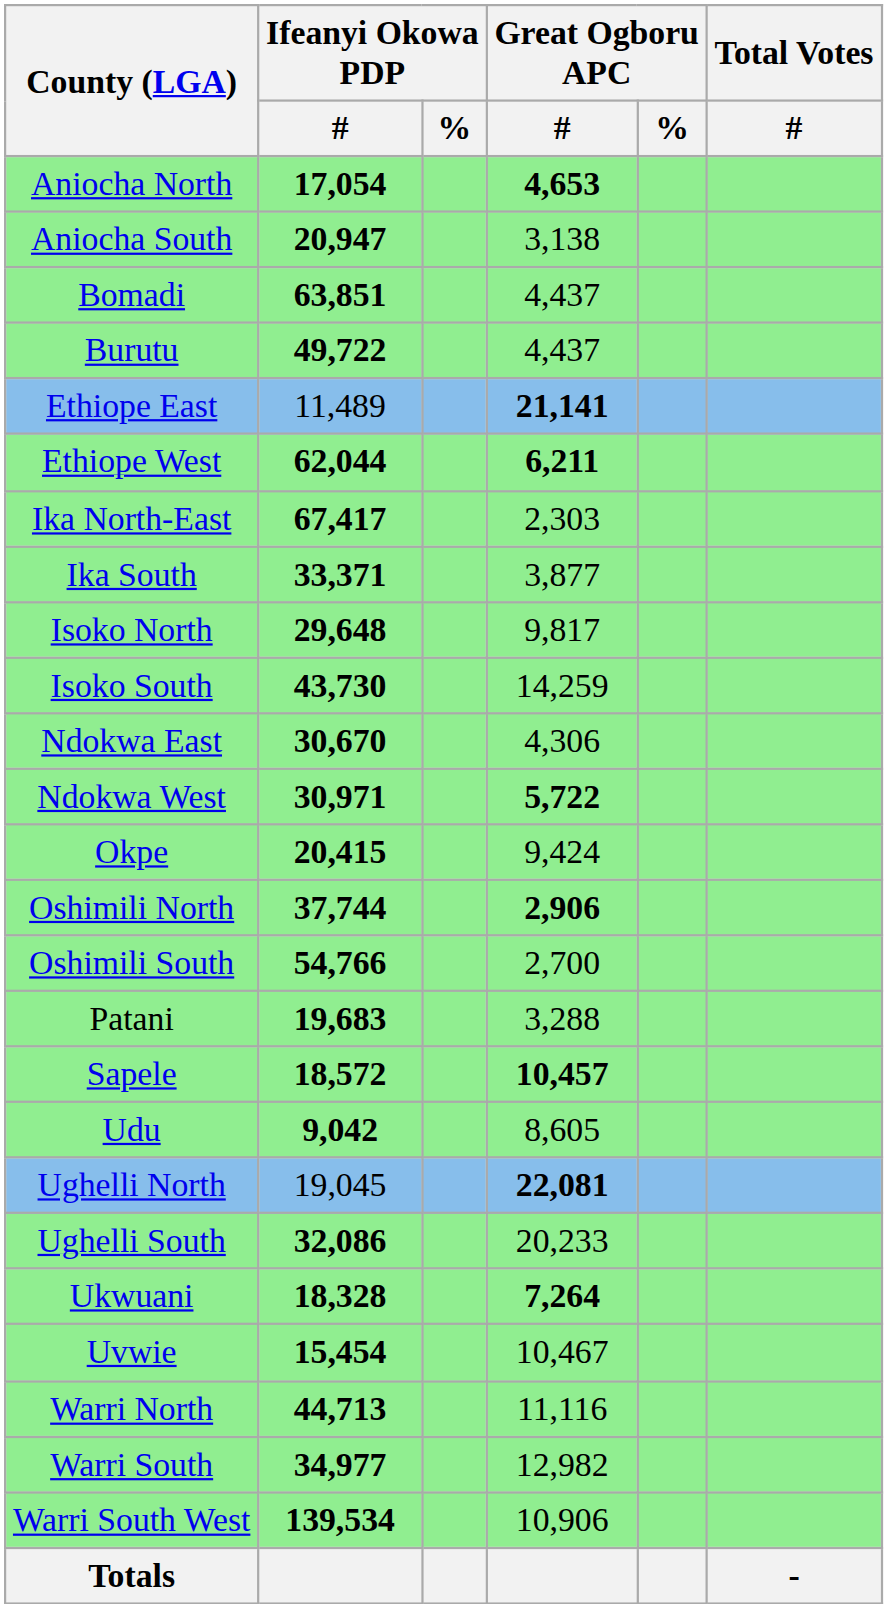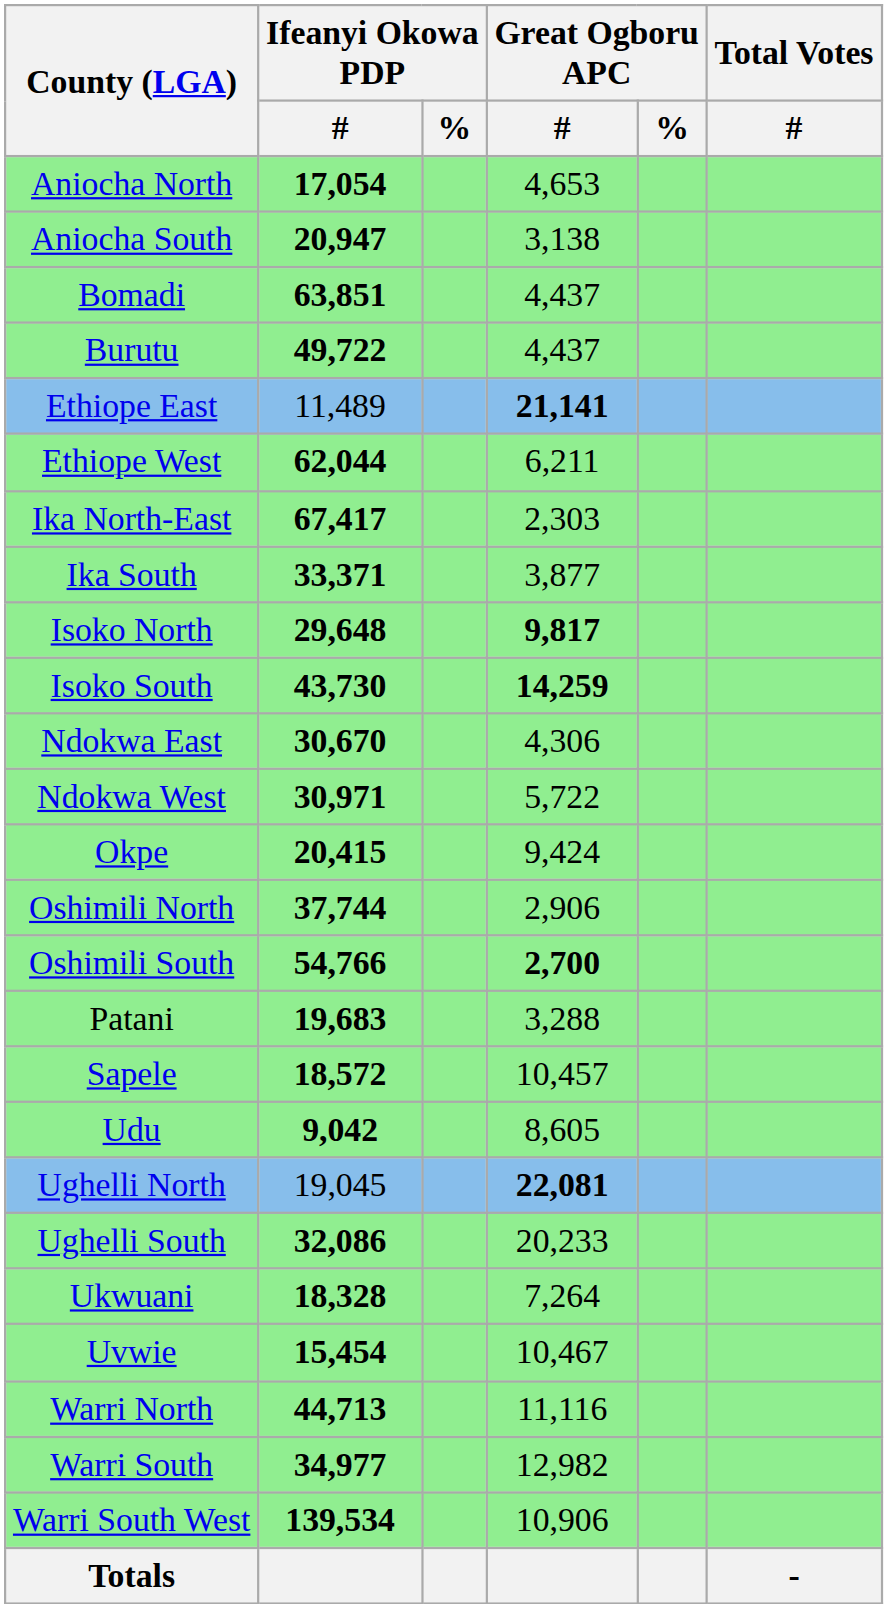 <table class="wikitable sortable" style=" font-size: 95%">
 <tr>
 <th rowspan="2">County (<a href='#'>LGA</a>)</th>
 <th colspan="2">Ifeanyi Okowa<br>PDP</th>
 <th colspan="2">Great Ogboru<br>APC</th>
 <th>Total Votes</th>
 </tr>
 <tr>
 <th>#</th>
 <th>%</th>
 <th>#</th>
 <th>%</th>
 <th>#</th>
 </tr>
 <tr>
 <td bgcolor=#90EE90 align="center"><a href='#'>Aniocha North</a></td>
 <td bgcolor=#90EE90 align="center"><strong>17,054</strong></td>
 <td bgcolor=#90EE90 align="center"></td>
-<td bgcolor=#90EE90 align="center"><strong>4,653</strong></td>
+<td bgcolor=#90EE90 align="center">4,653</td>
 <td bgcolor=#90EE90 align="center"></td>
 <td bgcolor=#90EE90 align="center"></td>
 </tr>
 <tr>
 <td bgcolor=#90EE90 align="center"><a href='#'>Aniocha South</a></td>
 <td bgcolor=#90EE90 align="center"><strong>20,947</strong></td>
 <td bgcolor=#90EE90 align="center"></td>
 <td bgcolor=#90EE90 align="center">3,138</td>
 <td bgcolor=#90EE90 align="center"></td>
 <td bgcolor=#90EE90 align="center"></td>
 </tr>
 <tr>
 <td bgcolor=#90EE90 align="center"><a href='#'>Bomadi</a></td>
 <td bgcolor=#90EE90 align="center"><strong>63,851</strong></td>
 <td bgcolor=#90EE90 align="center"></td>
 <td bgcolor=#90EE90 align="center">4,437</td>
 <td bgcolor=#90EE90 align="center"></td>
 <td bgcolor=#90EE90 align="center"></td>
 </tr>
 <tr>
 <td bgcolor=#90EE90 align="center"><a href='#'>Burutu</a></td>
 <td bgcolor=#90EE90 align="center"><strong>49,722</strong></td>
 <td bgcolor=#90EE90 align="center"></td>
 <td bgcolor=#90EE90 align="center">4,437</td>
 <td bgcolor=#90EE90 align="center"></td>
 <td bgcolor=#90EE90 align="center"></td>
 </tr>
 <tr>
 <td bgcolor=#87BEEB align="center"><a href='#'>Ethiope East</a></td>
 <td bgcolor=#87BEEB align="center">11,489</td>
 <td bgcolor=#87BEEB align="center"></td>
 <td bgcolor=#87BEEB align="center"><strong>21,141</strong></td>
 <td bgcolor=#87BEEB align="center"></td>
 <td bgcolor=#87BEEB align="center"></td>
 </tr>
 <tr>
 <td bgcolor=#90EE90 align="center"><a href='#'>Ethiope West</a></td>
 <td bgcolor=#90EE90 align="center"><strong>62,044</strong></td>
 <td bgcolor=#90EE90 align="center"></td>
-<td bgcolor=#90EE90 align="center"><strong>6,211</strong></td>
+<td bgcolor=#90EE90 align="center">6,211</td>
 <td bgcolor=#90EE90 align="center"></td>
 <td bgcolor=#90EE90 align="center"></td>
 </tr>
 <tr>
 <td bgcolor=#90EE90 align="center"><a href='#'>Ika North-East</a></td>
 <td bgcolor=#90EE90 align="center"><strong>67,417</strong></td>
 <td bgcolor=#90EE90 align="center"></td>
 <td bgcolor=#90EE90 align="center">2,303</td>
 <td bgcolor=#90EE90 align="center"></td>
 <td bgcolor=#90EE90 align="center"></td>
 </tr>
 <tr>
 <td bgcolor=#90EE90 align="center"><a href='#'>Ika South</a></td>
 <td bgcolor=#90EE90 align="center"><strong>33,371</strong></td>
 <td bgcolor=#90EE90 align="center"></td>
 <td bgcolor=#90EE90 align="center">3,877</td>
 <td bgcolor=#90EE90 align="center"></td>
 <td bgcolor=#90EE90 align="center"></td>
 </tr>
 <tr>
 <td bgcolor=#90EE90 align="center"><a href='#'>Isoko North</a></td>
 <td bgcolor=#90EE90 align="center"><strong>29,648</strong></td>
 <td bgcolor=#90EE90 align="center"></td>
-<td bgcolor=#90EE90 align="center">9,817</td>
+<td bgcolor=#90EE90 align="center"><strong>9,817</strong></td>
 <td bgcolor=#90EE90 align="center"></td>
 <td bgcolor=#90EE90 align="center"></td>
 </tr>
 <tr>
 <td bgcolor=#90EE90 align="center"><a href='#'>Isoko South</a></td>
 <td bgcolor=#90EE90 align="center"><strong>43,730</strong></td>
 <td bgcolor=#90EE90 align="center"></td>
-<td bgcolor=#90EE90 align="center">14,259</td>
+<td bgcolor=#90EE90 align="center"><strong>14,259</strong></td>
 <td bgcolor=#90EE90 align="center"></td>
 <td bgcolor=#90EE90 align="center"></td>
 </tr>
 <tr>
 <td bgcolor=#90EE90 align="center"><a href='#'>Ndokwa East</a></td>
 <td bgcolor=#90EE90 align="center"><strong>30,670</strong></td>
 <td bgcolor=#90EE90 align="center"></td>
 <td bgcolor=#90EE90 align="center">4,306</td>
 <td bgcolor=#90EE90 align="center"></td>
 <td bgcolor=#90EE90 align="center"></td>
 </tr>
 <tr>
 <td bgcolor=#90EE90 align="center"><a href='#'>Ndokwa West</a></td>
 <td bgcolor=#90EE90 align="center"><strong>30,971</strong></td>
 <td bgcolor=#90EE90 align="center"></td>
-<td bgcolor=#90EE90 align="center"><strong>5,722</strong></td>
+<td bgcolor=#90EE90 align="center">5,722</td>
 <td bgcolor=#90EE90 align="center"></td>
 <td bgcolor=#90EE90 align="center"></td>
 </tr>
 <tr>
 <td bgcolor=#90EE90 align="center"><a href='#'>Okpe</a></td>
 <td bgcolor=#90EE90 align="center"><strong>20,415</strong></td>
 <td bgcolor=#90EE90 align="center"></td>
 <td bgcolor=#90EE90 align="center">9,424</td>
 <td bgcolor=#90EE90 align="center"></td>
 <td bgcolor=#90EE90 align="center"></td>
 </tr>
 <tr>
 <td bgcolor=#90EE90 align="center"><a href='#'>Oshimili North</a></td>
 <td bgcolor=#90EE90 align="center"><strong>37,744</strong></td>
 <td bgcolor=#90EE90 align="center"></td>
-<td bgcolor=#90EE90 align="center"><strong>2,906</strong></td>
+<td bgcolor=#90EE90 align="center">2,906</td>
 <td bgcolor=#90EE90 align="center"></td>
 <td bgcolor=#90EE90 align="center"></td>
 </tr>
 <tr>
 <td bgcolor=#90EE90 align="center"><a href='#'>Oshimili South</a></td>
 <td bgcolor=#90EE90 align="center"><strong>54,766</strong></td>
 <td bgcolor=#90EE90 align="center"></td>
-<td bgcolor=#90EE90 align="center">2,700</td>
+<td bgcolor=#90EE90 align="center"><strong>2,700</strong></td>
 <td bgcolor=#90EE90 align="center"></td>
 <td bgcolor=#90EE90 align="center"></td>
 </tr>
 <tr>
 <td bgcolor=#90EE90 align="center">Patani</td>
 <td bgcolor=#90EE90 align="center"><strong>19,683</strong></td>
 <td bgcolor=#90EE90 align="center"></td>
 <td bgcolor=#90EE90 align="center">3,288</td>
 <td bgcolor=#90EE90 align="center"></td>
 <td bgcolor=#90EE90 align="center"></td>
 </tr>
 <tr>
 <td bgcolor=#90EE90 align="center"><a href='#'>Sapele</a></td>
 <td bgcolor=#90EE90 align="center"><strong>18,572</strong></td>
 <td bgcolor=#90EE90 align="center"></td>
-<td bgcolor=#90EE90 align="center"><strong>10,457</strong></td>
+<td bgcolor=#90EE90 align="center">10,457</td>
 <td bgcolor=#90EE90 align="center"></td>
 <td bgcolor=#90EE90 align="center"></td>
 </tr>
 <tr>
 <td bgcolor=#90EE90 align="center"><a href='#'>Udu</a></td>
 <td bgcolor=#90EE90 align="center"><strong>9,042</strong></td>
 <td bgcolor=#90EE90 align="center"></td>
 <td bgcolor=#90EE90 align="center">8,605</td>
 <td bgcolor=#90EE90 align="center"></td>
 <td bgcolor=#90EE90 align="center"></td>
 </tr>
 <tr>
 <td bgcolor=#87BEEB align="center"><a href='#'>Ughelli North</a></td>
 <td bgcolor=#87BEEB align="center">19,045</td>
 <td bgcolor=#87BEEB align="center"></td>
 <td bgcolor=#87BEEB align="center"><strong>22,081</strong></td>
 <td bgcolor=#87BEEB align="center"></td>
 <td bgcolor=#87BEEB align="center"></td>
 </tr>
 <tr>
 <td bgcolor=#90EE90 align="center"><a href='#'>Ughelli South</a></td>
 <td bgcolor=#90EE90 align="center"><strong>32,086</strong></td>
 <td bgcolor=#90EE90 align="center"></td>
 <td bgcolor=#90EE90 align="center">20,233</td>
 <td bgcolor=#90EE90 align="center"></td>
 <td bgcolor=#90EE90 align="center"></td>
 </tr>
 <tr>
 <td bgcolor=#90EE90 align="center"><a href='#'>Ukwuani</a></td>
 <td bgcolor=#90EE90 align="center"><strong>18,328</strong></td>
 <td bgcolor=#90EE90 align="center"></td>
-<td bgcolor=#90EE90 align="center"><strong>7,264</strong></td>
+<td bgcolor=#90EE90 align="center">7,264</td>
 <td bgcolor=#90EE90 align="center"></td>
 <td bgcolor=#90EE90 align="center"></td>
 </tr>
 <tr>
 <td bgcolor=#90EE90 align="center"><a href='#'>Uvwie</a></td>
 <td bgcolor=#90EE90 align="center"><strong>15,454</strong></td>
 <td bgcolor=#90EE90 align="center"></td>
 <td bgcolor=#90EE90 align="center">10,467</td>
 <td bgcolor=#90EE90 align="center"></td>
 <td bgcolor=#90EE90 align="center"></td>
 </tr>
 <tr>
 <td bgcolor=#90EE90 align="center"><a href='#'>Warri North</a></td>
 <td bgcolor=#90EE90 align="center"><strong>44,713</strong></td>
 <td bgcolor=#90EE90 align="center"></td>
 <td bgcolor=#90EE90 align="center">11,116</td>
 <td bgcolor=#90EE90 align="center"></td>
 <td bgcolor=#90EE90 align="center"></td>
 </tr>
 <tr>
 <td bgcolor=#90EE90 align="center"><a href='#'>Warri South</a></td>
 <td bgcolor=#90EE90 align="center"><strong>34,977</strong></td>
 <td bgcolor=#90EE90 align="center"></td>
 <td bgcolor=#90EE90 align="center">12,982</td>
 <td bgcolor=#90EE90 align="center"></td>
 <td bgcolor=#90EE90 align="center"></td>
 </tr>
 <tr>
 <td bgcolor=#90EE90 align="center"><a href='#'>Warri South West</a></td>
 <td bgcolor=#90EE90 align="center"><strong>139,534</strong></td>
 <td bgcolor=#90EE90 align="center"></td>
 <td bgcolor=#90EE90 align="center">10,906</td>
 <td bgcolor=#90EE90 align="center"></td>
 <td bgcolor=#90EE90 align="center"></td>
 </tr>
 <tr>
 <th>Totals</th>
 <th></th>
 <th></th>
 <th></th>
 <th></th>
 <th>-</th>
 </tr>
 </table>
